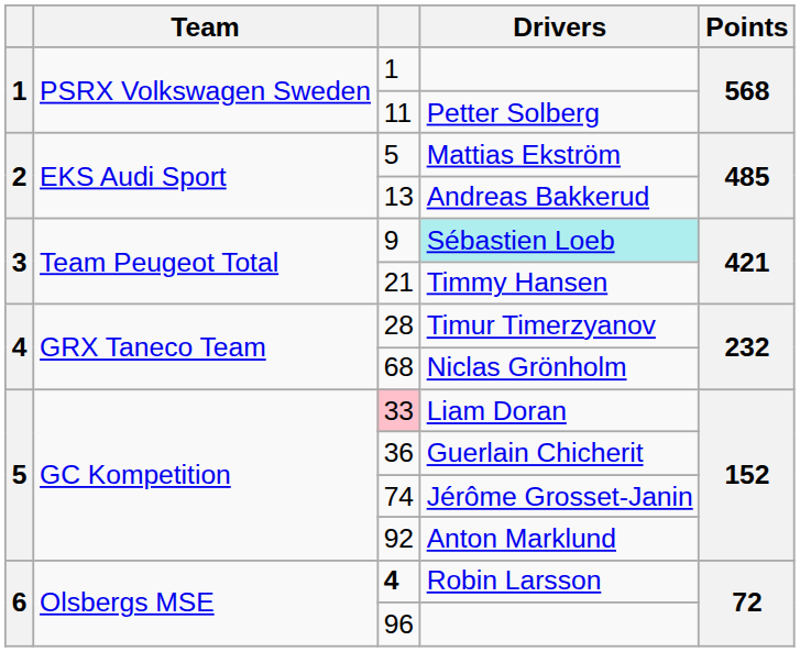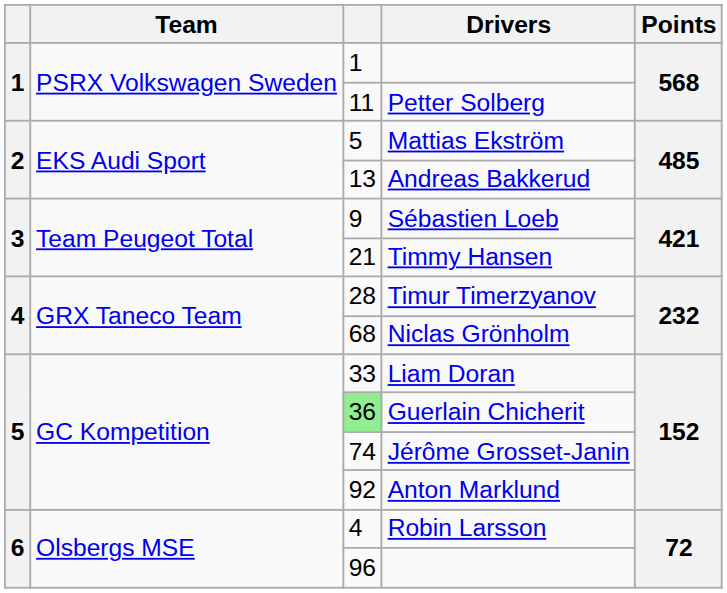 <table class="wikitable" style="font-size: 85%">
 <tr valign="top">
 <th valign="middle"></th>
 <th valign="middle">Team</th>
 <th valign="middle"></th>
 <th valign="middle">Drivers</th>
 <th valign="middle">Points</th>
 </tr>
 <tr>
 <th rowspan=2>1</th>
 <td rowspan=2> <a href='#'>PSRX Volkswagen Sweden</a></td>
 <td>1</td>
 <td style="padding-right:24px"></td>
 <th rowspan=2>568</th>
 </tr>
 <tr>
 <td>11</td>
 <td> <a href='#'>Petter Solberg</a></td>
 </tr>
 <tr>
 <th rowspan=2>2</th>
 <td rowspan=2> <a href='#'>EKS Audi Sport</a></td>
 <td>5</td>
 <td> <a href='#'>Mattias Ekström</a></td>
 <th rowspan=2>485</th>
 </tr>
 <tr>
 <td>13</td>
 <td> <a href='#'>Andreas Bakkerud</a></td>
 </tr>
 <tr>
 <th rowspan=2>3</th>
 <td rowspan=2> <a href='#'>Team Peugeot Total</a></td>
 <td>9</td>
-<td style="background: paleturquoise;"> <a href='#'>Sébastien Loeb</a></td>
+<td> <a href='#'>Sébastien Loeb</a></td>
 <th rowspan=2>421</th>
 </tr>
 <tr>
 <td>21</td>
 <td> <a href='#'>Timmy Hansen</a></td>
 </tr>
 <tr>
 <th rowspan=2>4</th>
 <td rowspan=2> <a href='#'>GRX Taneco Team</a></td>
 <td>28</td>
 <td> <a href='#'>Timur Timerzyanov</a></td>
 <th rowspan=2>232</th>
 </tr>
 <tr>
 <td>68</td>
 <td> <a href='#'>Niclas Grönholm</a></td>
 </tr>
 <tr>
 <th rowspan=4>5</th>
 <td rowspan=4> <a href='#'>GC Kompetition</a></td>
-<td style="background: pink;">33</td>
+<td>33</td>
 <td> <a href='#'>Liam Doran</a></td>
 <th rowspan=4>152</th>
 </tr>
 <tr>
-<td>36</td>
+<td style="background: lightgreen;">36</td>
 <td> <a href='#'>Guerlain Chicherit</a></td>
 </tr>
 <tr>
 <td>74</td>
 <td> <a href='#'>Jérôme Grosset-Janin</a></td>
 </tr>
 <tr>
 <td>92</td>
 <td> <a href='#'>Anton Marklund</a></td>
 </tr>
 <tr>
 <th rowspan=2>6</th>
 <td rowspan=2> <a href='#'>Olsbergs MSE</a></td>
-<td><strong>4</strong></td>
+<td>4</td>
 <td> <a href='#'>Robin Larsson</a></td>
 <th rowspan=2>72</th>
 </tr>
 <tr>
 <td>96</td>
 <td></td>
 </tr>
 </table>
